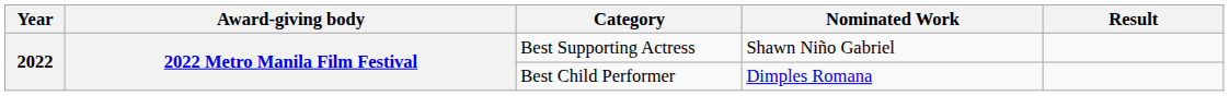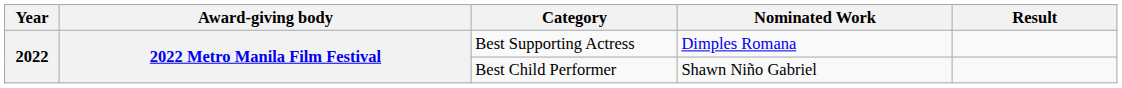 <table Class="wikitable plainrowheaders sortable">
 <tr>
 <th Width=4%>Year</th>
 <th Width=30%>Award-giving body</th>
 <th Width=15%>Category</th>
 <th Width=20%>Nominated Work</th>
 <th Width=12%>Result</th>
 </tr>
 <tr>
 <th scope="row" rowspan="2">2022</th>
 <th rowspan="2"><a href='#'>2022 Metro Manila Film Festival</a></th>
 <td>Best Supporting Actress</td>
-<td>Shawn Niño Gabriel</td>
+<td><a href='#'>Dimples Romana</a></td>
 <td></td>
 </tr>
 <tr>
 <td>Best Child Performer</td>
-<td><a href='#'>Dimples Romana</a></td>
+<td>Shawn Niño Gabriel</td>
 <td></td>
 </tr>
 </table>
